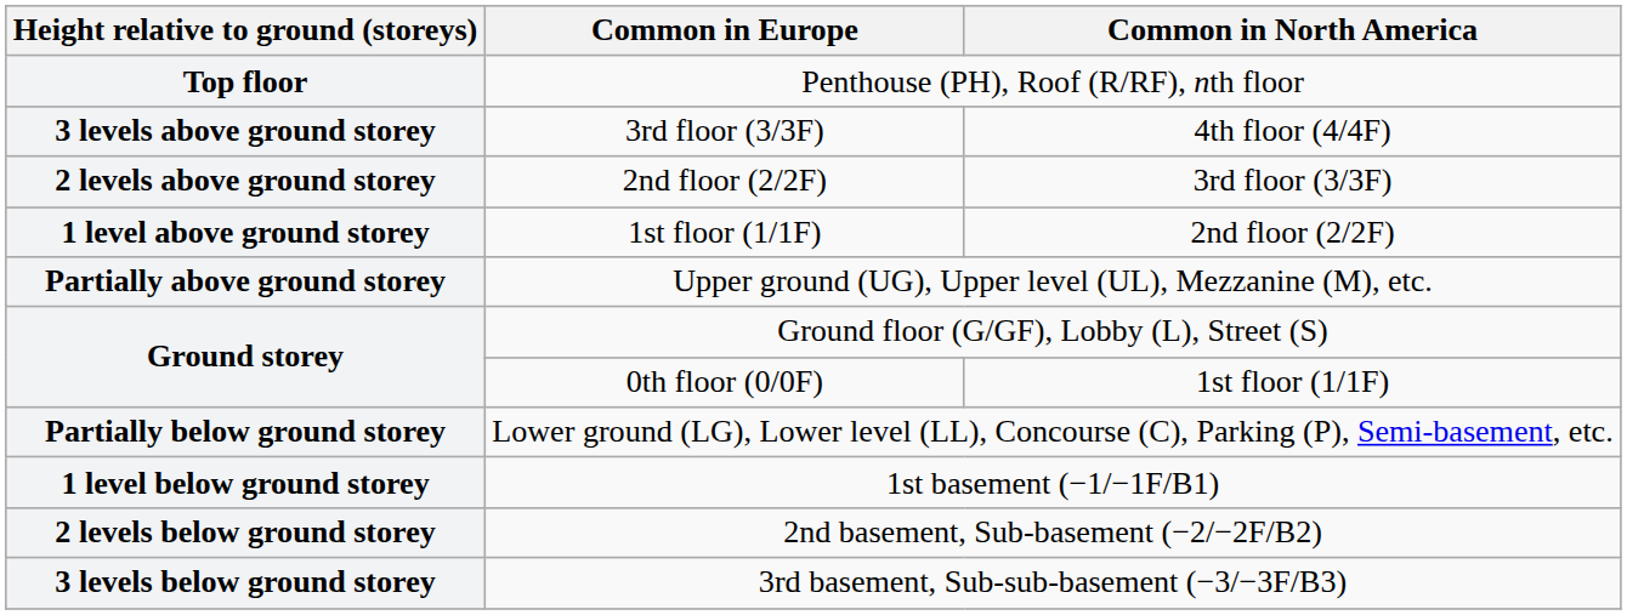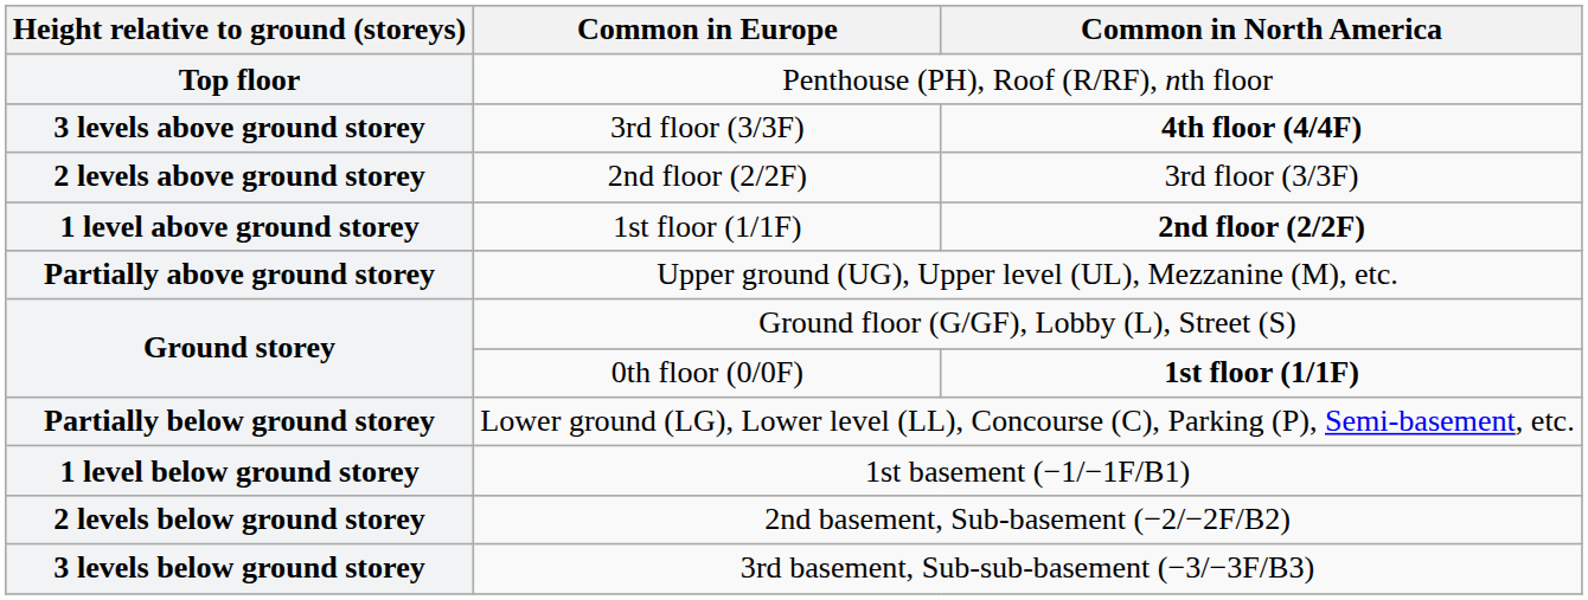 <table class="wikitable" style=text-align:center>
 <tr>
 <th>Height relative to ground (storeys)</th>
 <th>Common in Europe</th>
 <th>Common in North America</th>
 </tr>
 <tr>
 <th style="background: #F1F3F5">Top floor</th>
 <td colspan=2 align="center">Penthouse (PH), Roof (R/RF), <em>n</em>th floor</td>
 </tr>
 <tr>
 <th style="background: #F1F3F5">3 levels above ground storey</th>
 <td>3rd floor (3/3F)</td>
-<td>4th floor (4/4F)</td>
+<td><strong>4th floor (4/4F)</strong></td>
 </tr>
 <tr>
 <th style="background: #F1F3F5">2 levels above ground storey</th>
 <td>2nd floor (2/2F)</td>
 <td>3rd floor (3/3F)</td>
 </tr>
 <tr>
 <th style="background: #F1F3F5">1 level above ground storey</th>
 <td>1st floor (1/1F)</td>
-<td>2nd floor (2/2F)</td>
+<td><strong>2nd floor (2/2F)</strong></td>
 </tr>
 <tr>
 <th style="background: #F1F3F5">Partially above ground storey</th>
 <td colspan=2 align="center">Upper ground (UG), Upper level (UL), Mezzanine (M), etc.</td>
 </tr>
 <tr>
 <th rowspan=2 style="background: #F1F3F5">Ground storey</th>
 <td colspan=2 align="center">Ground floor (G/GF), Lobby (L), Street (S)</td>
 </tr>
 <tr>
 <td>0th floor (0/0F)</td>
-<td>1st floor (1/1F)</td>
+<td><strong>1st floor (1/1F)</strong></td>
 </tr>
 <tr>
 <th style="background: #F1F3F5">Partially below ground storey</th>
 <td colspan=2 align="center">Lower ground (LG), Lower level (LL), Concourse (C), Parking (P), <a href='#'>Semi-basement</a>, etc.</td>
 </tr>
 <tr>
 <th style="background: #F1F3F5">1 level below ground storey</th>
 <td colspan=2 align="center">1st basement (−1/−1F/B1)</td>
 </tr>
 <tr>
 <th style="background: #F1F3F5">2 levels below ground storey</th>
 <td colspan=2 align="center">2nd basement, Sub-basement (−2/−2F/B2)</td>
 </tr>
 <tr>
 <th style="background: #F1F3F5">3 levels below ground storey</th>
 <td colspan=2 align="center">3rd basement, Sub-sub-basement (−3/−3F/B3)</td>
 </tr>
 </table>
